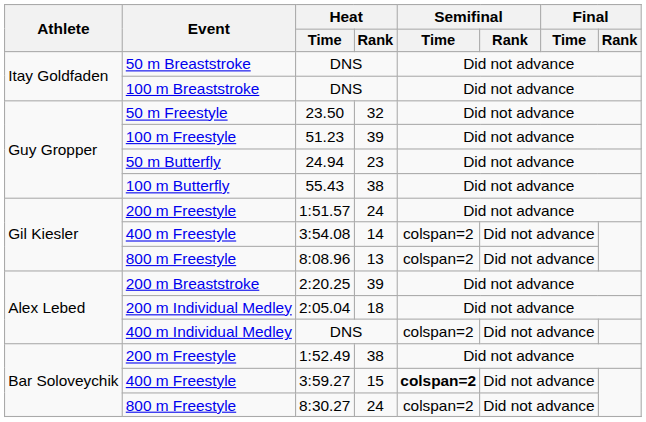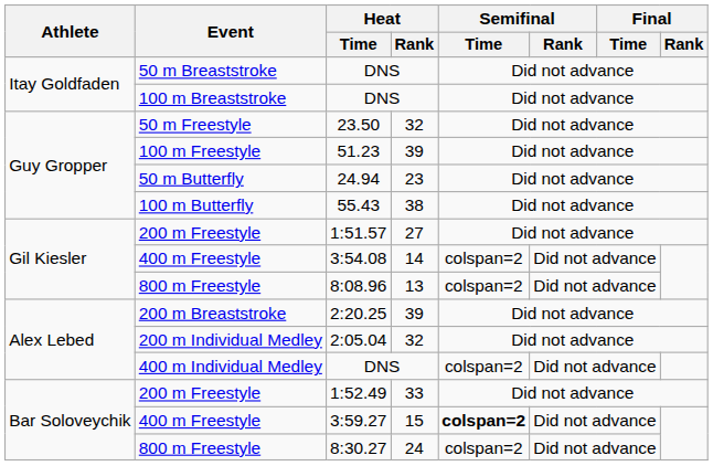 <table class=wikitable style="font-size:90%">
 <tr>
 <th rowspan="2">Athlete</th>
 <th rowspan="2">Event</th>
 <th colspan="2">Heat</th>
 <th colspan="2">Semifinal</th>
 <th colspan="2">Final</th>
 </tr>
 <tr style="font-size:95%">
 <th>Time</th>
 <th>Rank</th>
 <th>Time</th>
 <th>Rank</th>
 <th>Time</th>
 <th>Rank</th>
 </tr>
 <tr align=center>
 <td align=left rowspan="2">Itay Goldfaden</td>
 <td align=left><a href='#'>50 m Breaststroke</a></td>
 <td colspan=2>DNS</td>
 <td colspan=4>Did not advance</td>
 </tr>
 <tr align=center>
 <td align=left><a href='#'>100 m Breaststroke</a></td>
 <td colspan=2>DNS</td>
 <td colspan=4>Did not advance</td>
 </tr>
 <tr align=center>
 <td align=left rowspan="4">Guy Gropper</td>
 <td align=left><a href='#'>50 m Freestyle</a></td>
 <td>23.50</td>
 <td>32</td>
 <td colspan=4>Did not advance</td>
 </tr>
 <tr align=center>
 <td align=left><a href='#'>100 m Freestyle</a></td>
 <td>51.23</td>
 <td>39</td>
 <td colspan=4>Did not advance</td>
 </tr>
 <tr align=center>
 <td align=left><a href='#'>50 m Butterfly</a></td>
 <td>24.94</td>
 <td>23</td>
 <td colspan=4>Did not advance</td>
 </tr>
 <tr align=center>
 <td align=left><a href='#'>100 m Butterfly</a></td>
 <td>55.43</td>
 <td>38</td>
 <td colspan=4>Did not advance</td>
 </tr>
 <tr align=center>
 <td align=left rowspan="3">Gil Kiesler</td>
 <td align=left><a href='#'>200 m Freestyle</a></td>
 <td>1:51.57</td>
-<td>24</td>
+<td>27</td>
 <td colspan=4>Did not advance</td>
 </tr>
 <tr align=center>
 <td align=left><a href='#'>400 m Freestyle</a></td>
 <td>3:54.08</td>
 <td>14</td>
 <td>colspan=2 </td>
 <td colspan=2>Did not advance</td>
 </tr>
 <tr align=center>
 <td align=left><a href='#'>800 m Freestyle</a></td>
 <td>8:08.96</td>
 <td>13</td>
 <td>colspan=2 </td>
 <td colspan=2>Did not advance</td>
 </tr>
 <tr align=center>
 <td align=left rowspan="3">Alex Lebed</td>
 <td align=left><a href='#'>200 m Breaststroke</a></td>
 <td>2:20.25</td>
 <td>39</td>
 <td colspan=4>Did not advance</td>
 </tr>
 <tr align=center>
 <td align=left><a href='#'>200 m Individual Medley</a></td>
 <td>2:05.04</td>
-<td>18</td>
+<td>32</td>
 <td colspan=4>Did not advance</td>
 </tr>
 <tr align=center>
 <td align=left><a href='#'>400 m Individual Medley</a></td>
 <td colspan=2>DNS</td>
 <td>colspan=2 </td>
 <td colspan=2>Did not advance</td>
 </tr>
 <tr align=center>
 <td align=left rowspan="3">Bar Soloveychik</td>
 <td align=left><a href='#'>200 m Freestyle</a></td>
 <td>1:52.49</td>
-<td>38</td>
+<td>33</td>
 <td colspan=4>Did not advance</td>
 </tr>
 <tr align=center>
 <td align=left><a href='#'>400 m Freestyle</a></td>
 <td>3:59.27</td>
 <td>15</td>
 <td><strong>colspan=2 </strong></td>
 <td colspan=2>Did not advance</td>
 </tr>
 <tr align=center>
 <td align=left><a href='#'>800 m Freestyle</a></td>
 <td>8:30.27</td>
 <td>24</td>
 <td>colspan=2 </td>
 <td colspan=2>Did not advance</td>
 </tr>
 </table>
